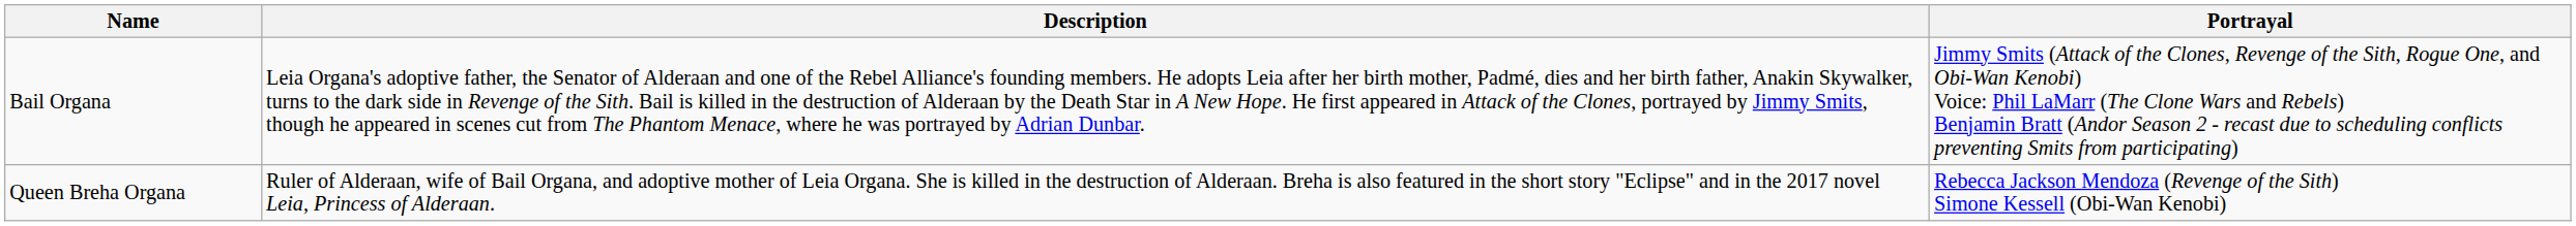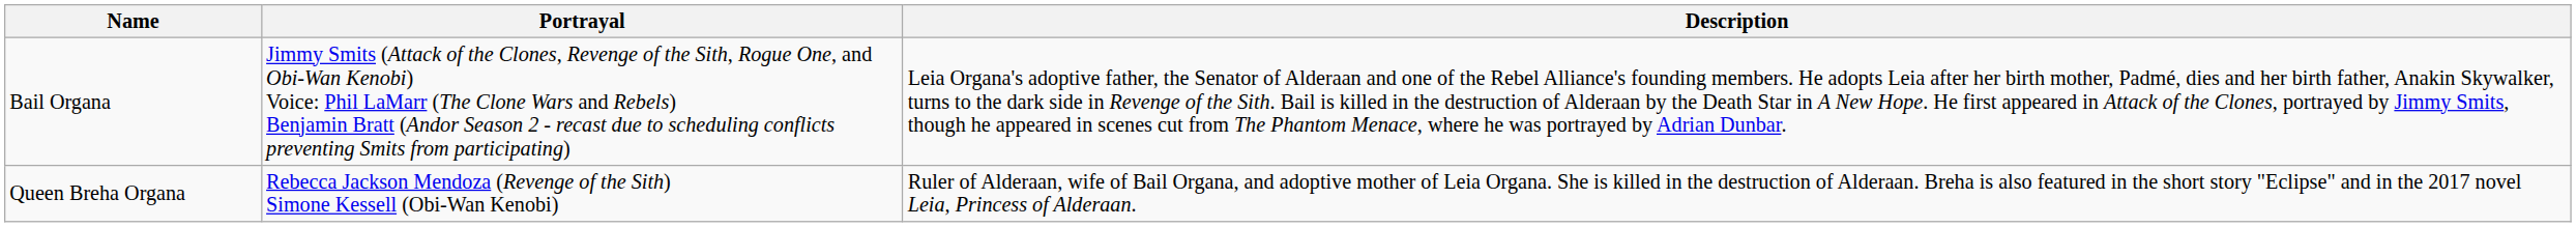 <table class="wikitable sortable">
 <tr>
 <th width="10%">Name</th>
+<th width="25%">Portrayal</th>
 <th width="65%">Description</th>
-<th width="25%">Portrayal</th>
 </tr>
 <tr id="Bail Organa">
 <td>Bail Organa</td>
+<td><a href='#'>Jimmy Smits</a> (<em>Attack of the Clones</em>, <em>Revenge of the Sith</em>, <em>Rogue One</em>, and <em>Obi-Wan Kenobi</em>)<br>Voice: <a href='#'>Phil LaMarr</a> (<em>The Clone Wars</em> and <em>Rebels</em>)<br><a href='#'>Benjamin Bratt</a> (<em>Andor Season 2 - recast due to scheduling conflicts preventing Smits from participating</em>)</td>
 <td>Leia Organa's adoptive father, the Senator of Alderaan and one of the Rebel Alliance's founding members. He adopts Leia after her birth mother, Padmé, dies and her birth father, Anakin Skywalker, turns to the dark side in <em>Revenge of the Sith</em>. Bail is killed in the destruction of Alderaan by the Death Star in <em>A New Hope</em>. He first appeared in <em>Attack of the Clones</em>, portrayed by <a href='#'>Jimmy Smits</a>, though he appeared in scenes cut from <em>The Phantom Menace</em>, where he was portrayed by <a href='#'>Adrian Dunbar</a>.</td>
-<td><a href='#'>Jimmy Smits</a> (<em>Attack of the Clones</em>, <em>Revenge of the Sith</em>, <em>Rogue One</em>, and <em>Obi-Wan Kenobi</em>)<br>Voice: <a href='#'>Phil LaMarr</a> (<em>The Clone Wars</em> and <em>Rebels</em>)<br><a href='#'>Benjamin Bratt</a> (<em>Andor Season 2 - recast due to scheduling conflicts preventing Smits from participating</em>)</td>
 </tr>
 <tr id="Breha Antilles-Organa">
 <td id="Breha Organa">Queen Breha Organa</td>
+<td><a href='#'>Rebecca Jackson Mendoza</a> (<em>Revenge of the Sith</em>)<br><a href='#'>Simone Kessell</a> (Obi-Wan Kenobi)</td>
 <td>Ruler of Alderaan, wife of Bail Organa, and adoptive mother of Leia Organa. She is killed in the destruction of Alderaan. Breha is also featured in the short story "Eclipse" and in the 2017 novel <em>Leia, Princess of Alderaan</em>.</td>
-<td><a href='#'>Rebecca Jackson Mendoza</a> (<em>Revenge of the Sith</em>)<br><a href='#'>Simone Kessell</a> (Obi-Wan Kenobi)</td>
 </tr>
 </table>
